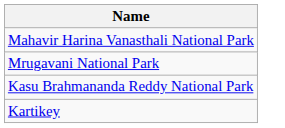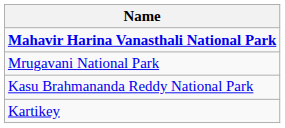 <table class="wikitable">
 <tr>
 <th>Name</th>
 </tr>
 <tr>
-<td><a href='#'>Mahavir Harina Vanasthali National Park</a></td>
+<td><strong><a href='#'>Mahavir Harina Vanasthali National Park</a></strong></td>
 </tr>
 <tr>
 <td><a href='#'>Mrugavani National Park</a></td>
 </tr>
 <tr>
 <td><a href='#'>Kasu Brahmananda Reddy National Park</a></td>
 </tr>
 <tr>
 <td><a href='#'>Kartikey</a></td>
 </tr>
 </table>
